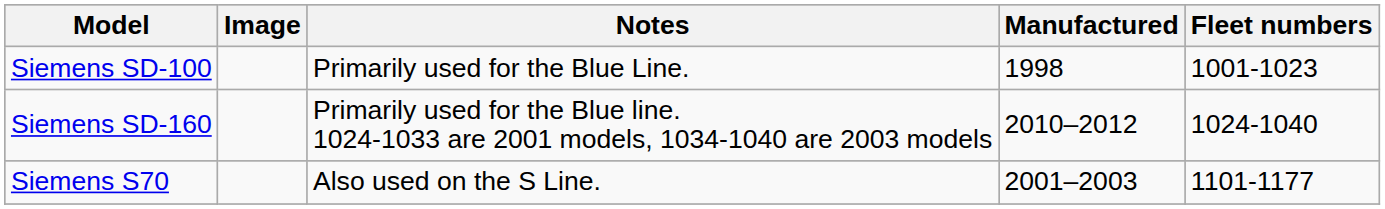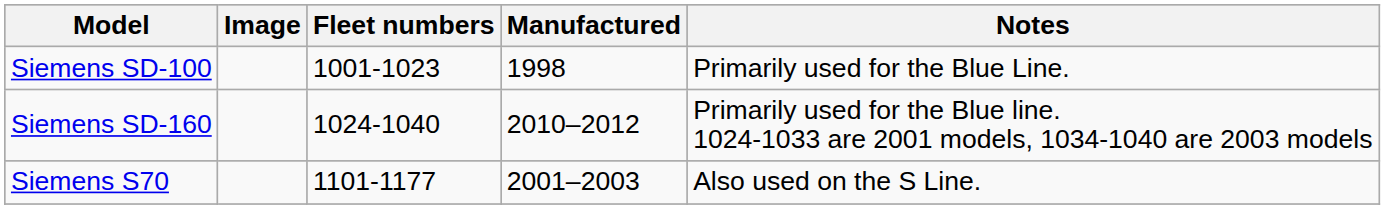 <table class="wikitable sortable">
 <tr>
 <th>Model</th>
 <th>Image</th>
+<th>Fleet numbers</th>
+<th>Manufactured</th>
 <th>Notes</th>
-<th>Manufactured</th>
-<th>Fleet numbers</th>
 </tr>
 <tr>
 <td><a href='#'>Siemens SD-100</a></td>
 <td></td>
+<td>1001-1023</td>
+<td>1998</td>
 <td>Primarily used for the Blue Line.</td>
-<td>1998</td>
-<td>1001-1023</td>
 </tr>
 <tr>
 <td><a href='#'>Siemens SD-160</a></td>
 <td></td>
+<td>1024-1040</td>
+<td>2010–2012</td>
 <td>Primarily used for the Blue line.<br>1024-1033 are 2001 models,  1034-1040 are 2003 models</td>
-<td>2010–2012</td>
-<td>1024-1040</td>
 </tr>
 <tr>
 <td><a href='#'>Siemens S70</a></td>
 <td></td>
+<td>1101-1177</td>
+<td>2001–2003</td>
 <td>Also used on the S Line.</td>
-<td>2001–2003</td>
-<td>1101-1177</td>
 </tr>
 </table>
